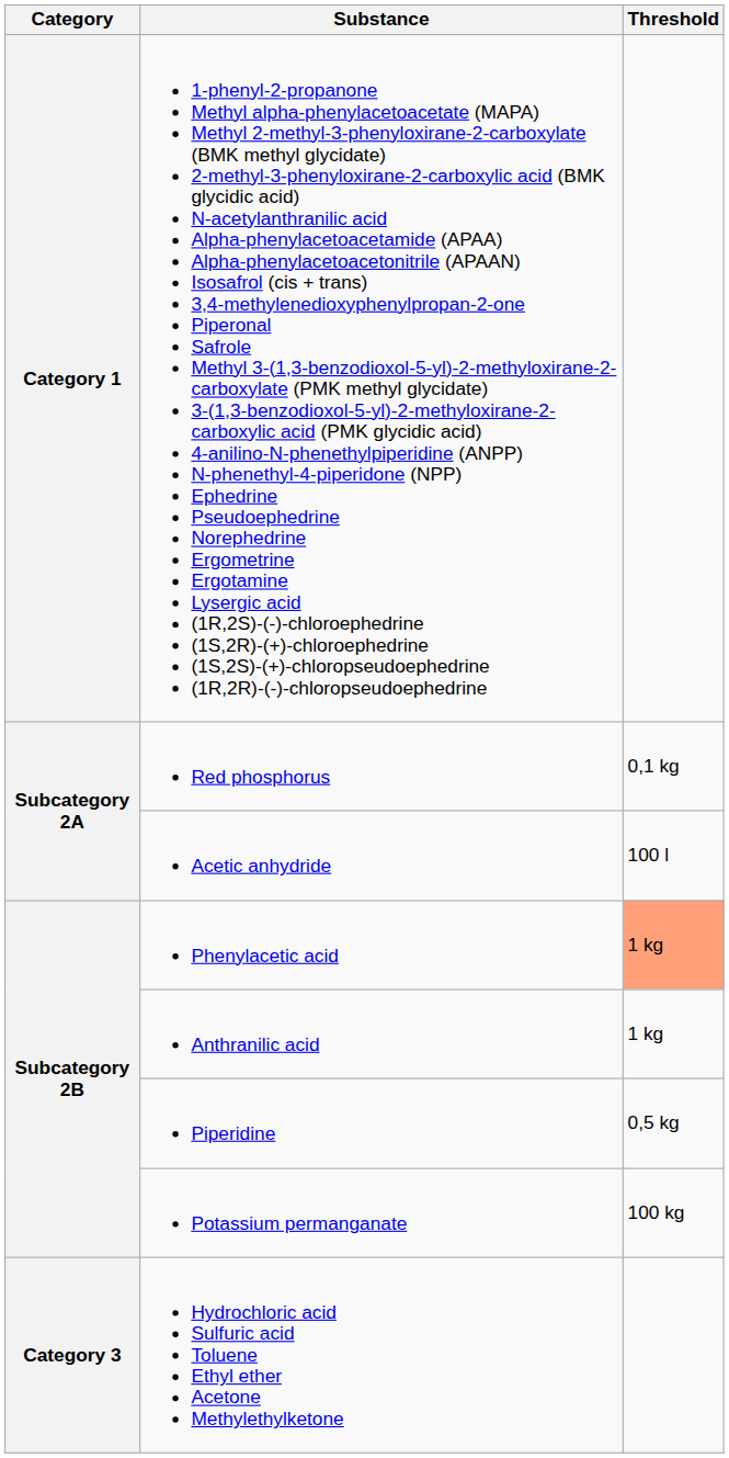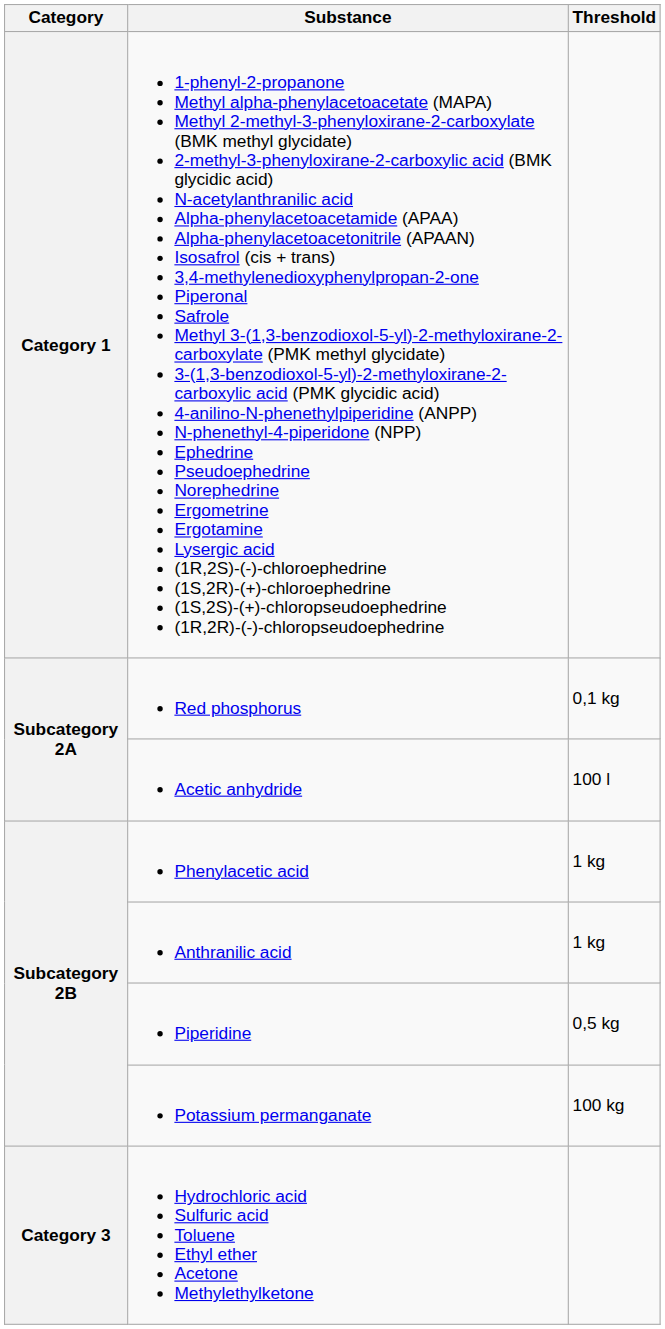 <table class="wikitable">
 <tr>
 <th>Category</th>
 <th>Substance</th>
 <th>Threshold</th>
 </tr>
 <tr>
 <th>Category 1</th>
 <td><br><ul><li><a href='#'>1-phenyl-2-propanone</a></li><li><a href='#'>Methyl alpha-phenylacetoacetate</a> (MAPA)</li><li><a href='#'>Methyl 2-methyl-3-phenyloxirane-2-carboxylate</a> (BMK methyl glycidate)</li><li><a href='#'>2-methyl-3-phenyloxirane-2-carboxylic acid</a> (BMK glycidic acid)</li><li><a href='#'>N-acetylanthranilic acid</a></li><li><a href='#'>Alpha-phenylacetoacetamide</a> (APAA)</li><li><a href='#'>Alpha-phenylacetoacetonitrile</a> (APAAN)</li><li><a href='#'>Isosafrol</a> (cis + trans)</li><li><a href='#'>3,4-methylenedioxyphenylpropan-2-one</a></li><li><a href='#'>Piperonal</a></li><li><a href='#'>Safrole</a></li><li><a href='#'>Methyl 3-(1,3-benzodioxol-5-yl)-2-methyloxirane-2-carboxylate</a> (PMK methyl glycidate)</li><li><a href='#'>3-(1,3-benzodioxol-5-yl)-2-methyloxirane-2-carboxylic acid</a> (PMK glycidic acid)</li><li><a href='#'>4-anilino-N-phenethylpiperidine</a> (ANPP)</li><li><a href='#'>N-phenethyl-4-piperidone</a> (NPP)</li><li><a href='#'>Ephedrine</a></li><li><a href='#'>Pseudoephedrine</a></li><li><a href='#'>Norephedrine</a></li><li><a href='#'>Ergometrine</a></li><li><a href='#'>Ergotamine</a></li><li><a href='#'>Lysergic acid</a></li><li>(1R,2S)-(-)-chloroephedrine</li><li>(1S,2R)-(+)-chloroephedrine</li><li>(1S,2S)-(+)-chloropseudoephedrine</li><li>(1R,2R)-(-)-chloropseudoephedrine</li></ul></td>
 </tr>
 <tr>
 <th rowspan="2">Subcategory 2A</th>
 <td><br><ul><li><a href='#'>Red phosphorus</a></li></ul></td>
 <td>0,1 kg</td>
 </tr>
 <tr>
 <td><br><ul><li><a href='#'>Acetic anhydride</a></li></ul></td>
 <td>100 l</td>
 </tr>
 <tr>
 <th rowspan="4">Subcategory 2B</th>
 <td><br><ul><li><a href='#'>Phenylacetic acid</a></li></ul></td>
-<td style="background: lightsalmon;">1 kg</td>
+<td>1 kg</td>
 </tr>
 <tr>
 <td><br><ul><li><a href='#'>Anthranilic acid</a></li></ul></td>
 <td>1 kg</td>
 </tr>
 <tr>
 <td><br><ul><li><a href='#'>Piperidine</a></li></ul></td>
 <td>0,5 kg</td>
 </tr>
 <tr>
 <td><br><ul><li><a href='#'>Potassium permanganate</a></li></ul></td>
 <td>100 kg</td>
 </tr>
 <tr>
 <th>Category 3</th>
 <td><br><ul><li><a href='#'>Hydrochloric acid</a></li><li><a href='#'>Sulfuric acid</a></li><li><a href='#'>Toluene</a></li><li><a href='#'>Ethyl ether</a></li><li><a href='#'>Acetone</a></li><li><a href='#'>Methylethylketone</a></li></ul></td>
 </tr>
 </table>
